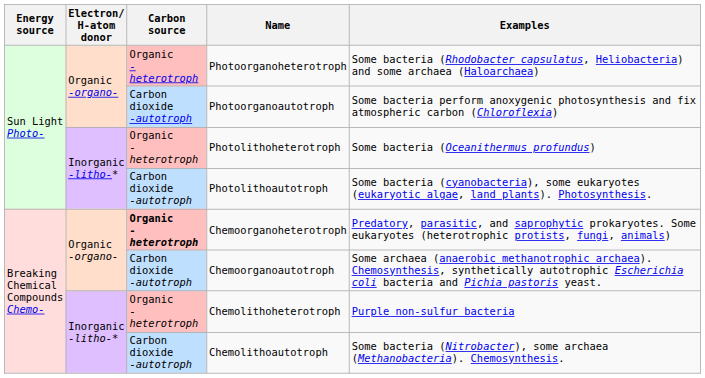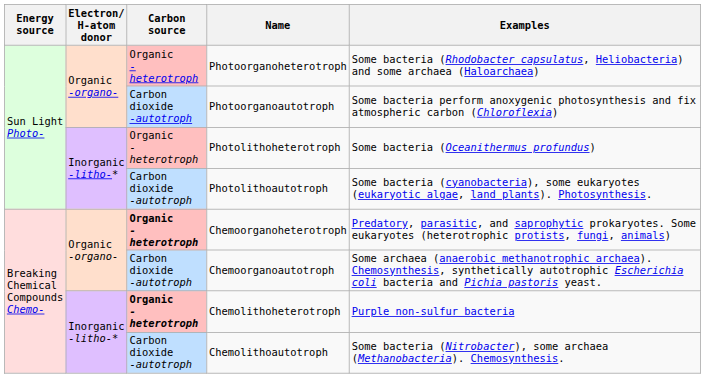 <table class="wikitable">
 <tr>
 <th>Energy<br>source</th>
 <th>Electron/<br>H-atom<br>donor</th>
 <th>Carbon source</th>
 <th>Name</th>
 <th>Examples</th>
 </tr>
 <tr>
 <td rowspan="4" style="background: #ddffdd">Sun Light<br><em><a href='#'>Photo-</a></em></td>
 <td rowspan="2" style="background: #ffdfcc">Organic<br><em><a href='#'>-organo-</a></em></td>
 <td style="background: #ffbfbf">Organic<br><em><a href='#'>-heterotroph</a></em></td>
 <td><span>Photo</span><span>organo</span><span>heterotroph</span></td>
 <td>Some bacteria (<em><a href='#'>Rhodobacter capsulatus</a></em>, <a href='#'>Heliobacteria</a>) and some archaea (<a href='#'>Haloarchaea</a>)</td>
 </tr>
 <tr>
 <td style="background: #bfdfff">Carbon dioxide<br><em><a href='#'>-autotroph</a></em></td>
 <td><span>Photo</span><span>organo</span><span>autotroph</span></td>
 <td>Some bacteria perform anoxygenic photosynthesis and fix atmospheric carbon (<em><a href='#'>Chloroflexia</a></em>)</td>
 </tr>
 <tr>
 <td rowspan="2" style="background: #dfbfff">Inorganic<br><em><a href='#'>-litho-</a></em>*</td>
 <td style="background: #ffbfbf">Organic<br><em>-heterotroph</em></td>
 <td><span>Photo</span><span>litho</span><span>heterotroph</span></td>
 <td>Some bacteria (<em><a href='#'>Oceanithermus profundus</a></em>)</td>
 </tr>
 <tr>
 <td style="background: #bfdfff">Carbon dioxide<br><em>-autotroph</em></td>
 <td><span>Photo</span><span>litho</span><span>autotroph</span></td>
 <td>Some bacteria (<a href='#'>cyanobacteria</a>), some eukaryotes (<a href='#'>eukaryotic algae</a>, <a href='#'>land plants</a>). <a href='#'>Photosynthesis</a>.</td>
 </tr>
 <tr>
 <td rowspan="4" style="background: #ffdddd">Breaking<br> Chemical<br> Compounds<br><em><a href='#'>Chemo-</a></em></td>
 <td rowspan="2" style="background: #ffdfcc">Organic<br><em>-organo-</em></td>
 <td style="background: #ffbfbf"><strong>Organic<br><em>-heterotroph</em></strong></td>
 <td><span>Chemo</span><span>organo</span><span>heterotroph</span></td>
 <td><a href='#'>Predatory</a>, <a href='#'>parasitic</a>, and <a href='#'>saprophytic</a> prokaryotes. Some eukaryotes (heterotrophic <a href='#'>protists</a>, <a href='#'>fungi</a>, <a href='#'>animals</a>)</td>
 </tr>
 <tr>
 <td style="background: #bfdfff">Carbon dioxide<br><em>-autotroph</em></td>
 <td><span>Chemo</span><span>organo</span><span>autotroph</span></td>
 <td>Some archaea (<a href='#'>anaerobic methanotrophic archaea</a>). <a href='#'>Chemosynthesis</a>, synthetically autotrophic <em><a href='#'>Escherichia coli</a></em> bacteria and <em><a href='#'>Pichia pastoris</a></em> yeast.</td>
 </tr>
 <tr>
 <td rowspan="2" style="background: #dfbfff">Inorganic<br><em>-litho-</em>*</td>
-<td style="background: #ffbfbf">Organic<br><em>-heterotroph</em></td>
+<td style="background: #ffbfbf"><strong>Organic<br><em>-heterotroph</em></strong></td>
 <td><span>Chemo</span><span>litho</span><span>heterotroph</span></td>
 <td><a href='#'>Purple non-sulfur bacteria</a></td>
 </tr>
 <tr>
 <td style="background: #bfdfff">Carbon dioxide<br><em>-autotroph</em></td>
 <td><span>Chemo</span><span>litho</span><span>autotroph</span></td>
 <td>Some bacteria (<em><a href='#'>Nitrobacter</a></em>), some archaea (<em><a href='#'>Methanobacteria</a></em>). <a href='#'>Chemosynthesis</a>.</td>
 </tr>
 </table>
